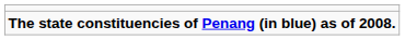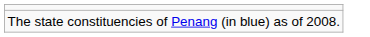 <table class="wikitable">
 <tr>
 <td></td>
 </tr>
 <tr>
-<td><strong>The state constituencies of <a href='#'>Penang</a> (in blue) as of 2008.</strong></td>
+<td>The state constituencies of <a href='#'>Penang</a> (in blue) as of 2008.</td>
 </tr>
 </table>
